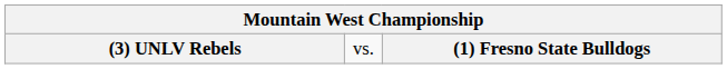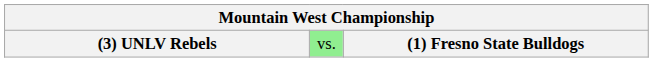 <table class="wikitable">
 <tr>
 <th style="width: 604px;" colspan=3>Mountain West Championship</th>
 </tr>
 <tr>
 <th style="width: 289px; ">(3) UNLV Rebels</th>
-<td style="width: 25px; text-align:center">vs.</td>
+<td style="background: lightgreen; width: 25px; text-align:center">vs.</td>
 <th style="width: 289px; ">(1) Fresno State Bulldogs</th>
 </tr>
 </table>
